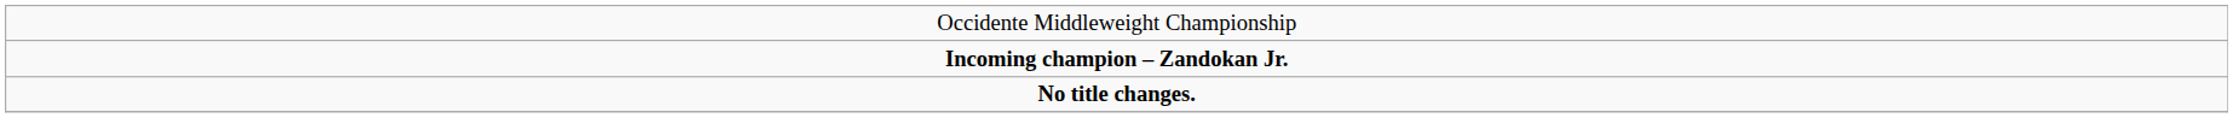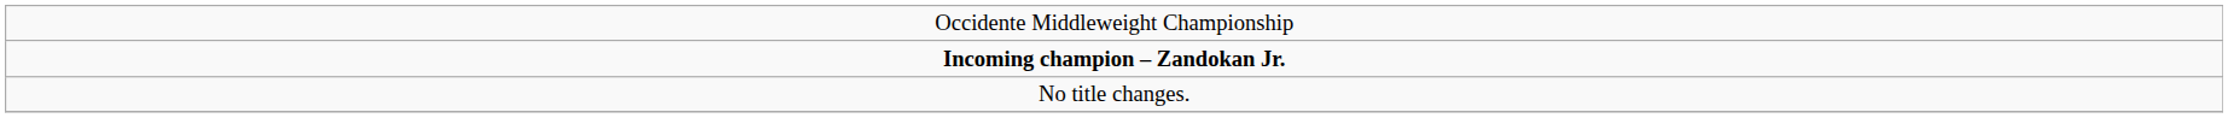 <table class="wikitable" style="text-align:center; width:100%;">
 <tr>
 <td colspan="4" style="text-align: center;">Occidente Middleweight Championship</td>
 </tr>
 <tr>
 <td colspan="4" style="text-align: center;"><strong>Incoming champion – Zandokan Jr.</strong></td>
 </tr>
 <tr>
-<td><strong>No title changes.</strong></td>
+<td>No title changes.</td>
 </tr>
 <tr>
 </tr>
 </table>
